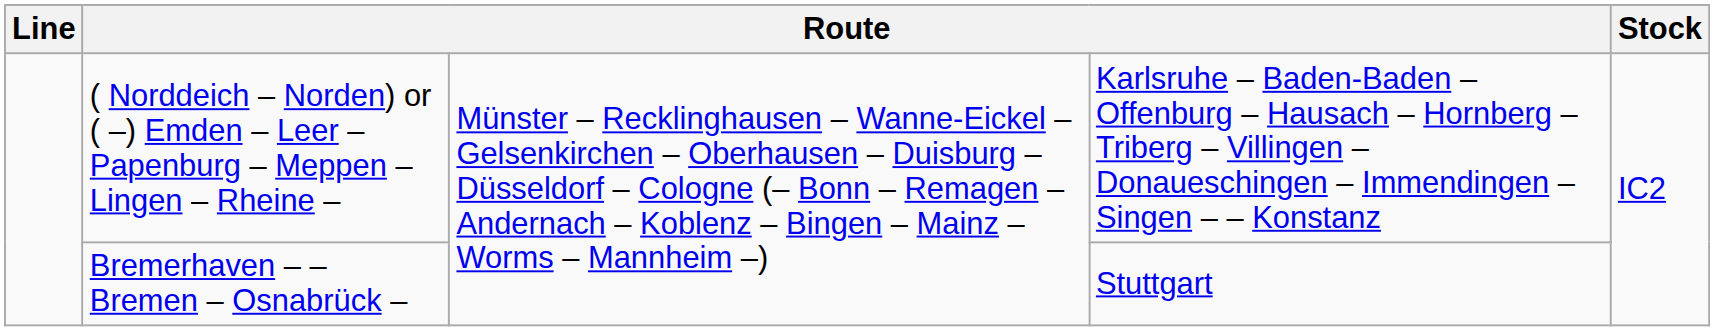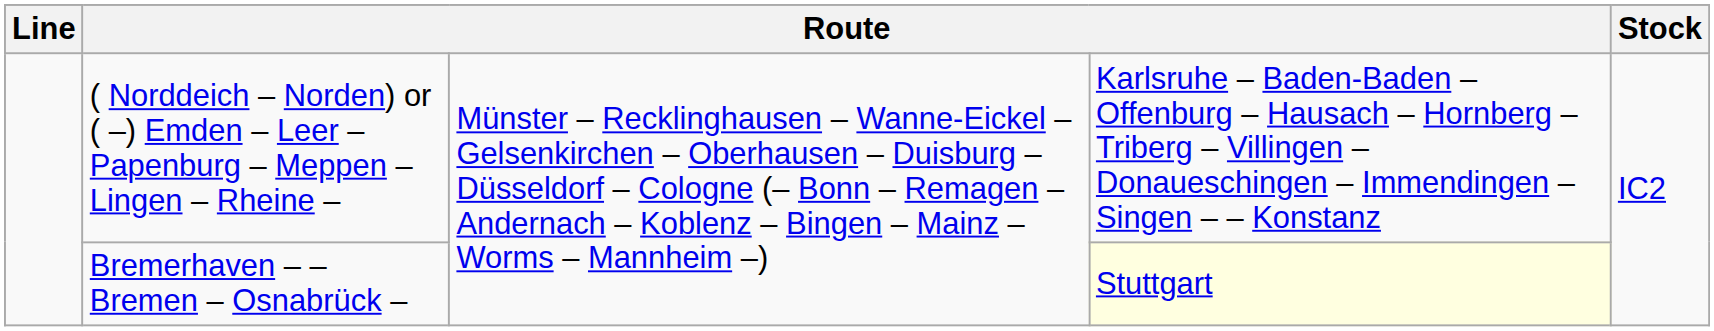 <table class="wikitable" width="100%">
 <tr>
 <th>Line</th>
 <th colspan="3">Route</th>
 <th>Stock</th>
 </tr>
 <tr>
 <td rowspan="2"></td>
 <td>( <a href='#'>Norddeich</a> – <a href='#'>Norden</a>) or ( –) <a href='#'>Emden</a> –  <a href='#'>Leer</a> – <a href='#'>Papenburg</a> – <a href='#'>Meppen</a> – <a href='#'>Lingen</a> – <a href='#'>Rheine</a> –</td>
 <td rowspan="2"><a href='#'>Münster</a> – <a href='#'>Recklinghausen</a> – <a href='#'>Wanne-Eickel</a> – <a href='#'>Gelsenkirchen</a> – <a href='#'>Oberhausen</a> – <a href='#'>Duisburg</a> –  <a href='#'>Düsseldorf</a> – <a href='#'>Cologne</a> (– <a href='#'>Bonn</a> – <a href='#'>Remagen</a> – <a href='#'>Andernach</a> – <a href='#'>Koblenz</a> – <a href='#'>Bingen</a> – <a href='#'>Mainz</a> – <a href='#'>Worms</a> – <a href='#'>Mannheim</a> –)</td>
 <td><a href='#'>Karlsruhe</a> – <a href='#'>Baden-Baden</a> – <a href='#'>Offenburg</a> – <a href='#'>Hausach</a> – <a href='#'>Hornberg</a> – <a href='#'>Triberg</a> –  <a href='#'>Villingen</a> – <a href='#'>Donaueschingen</a> – <a href='#'>Immendingen</a> – <a href='#'>Singen</a> –  – <a href='#'>Konstanz</a></td>
 <td rowspan="2"><a href='#'>IC2</a></td>
 </tr>
 <tr>
 <td> <a href='#'>Bremerhaven</a> –  – <a href='#'>Bremen</a> – <a href='#'>Osnabrück</a> –</td>
-<td><a href='#'>Stuttgart</a></td>
+<td style="background: lightyellow;"><a href='#'>Stuttgart</a></td>
 </tr>
 </table>
